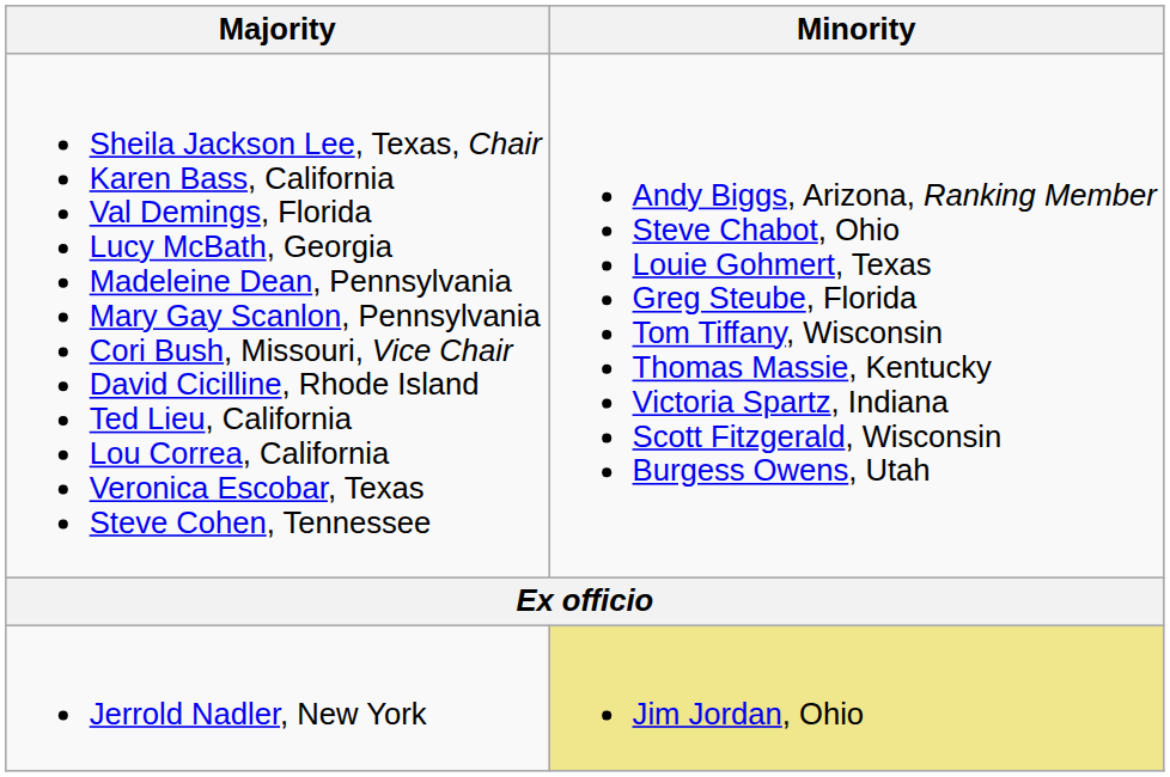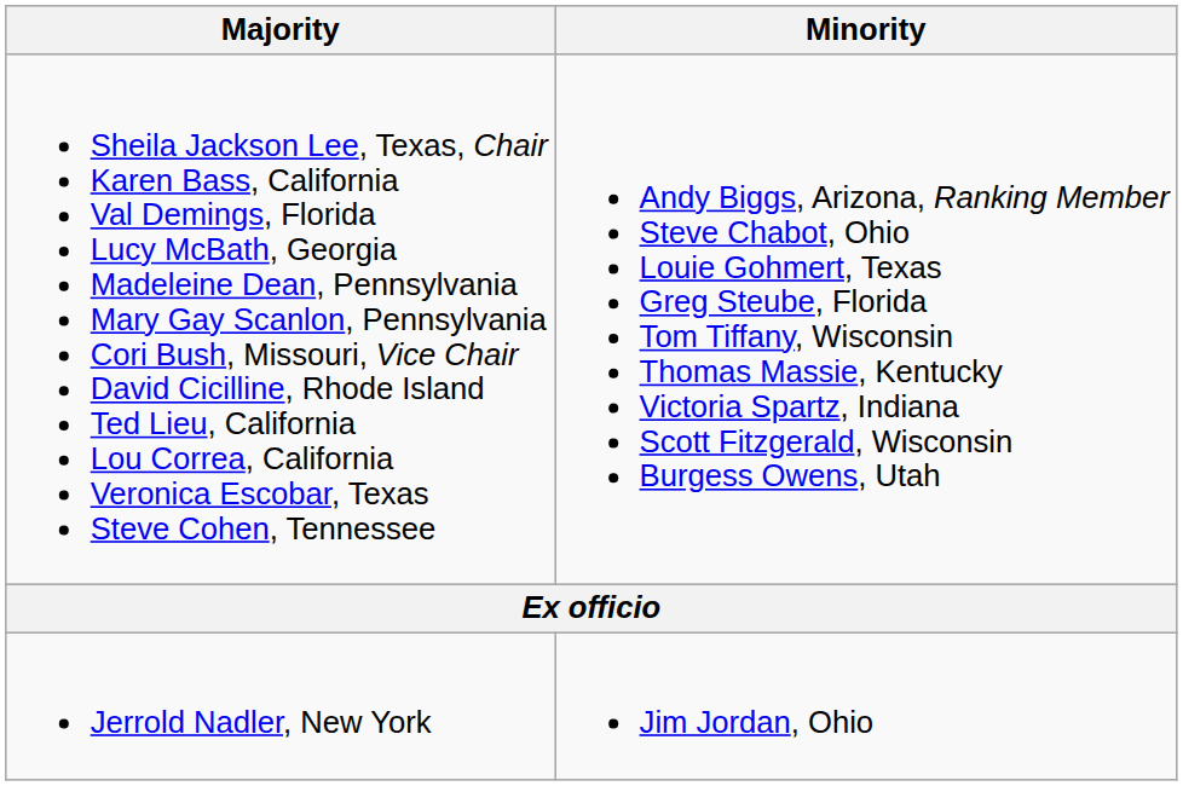 <table class=wikitable>
 <tr>
 <th>Majority</th>
 <th>Minority</th>
 </tr>
 <tr>
 <td><br><ul><li><a href='#'>Sheila Jackson Lee</a>, Texas, <em>Chair</em></li><li><a href='#'>Karen Bass</a>, California</li><li><a href='#'>Val Demings</a>, Florida</li><li><a href='#'>Lucy McBath</a>, Georgia</li><li><a href='#'>Madeleine Dean</a>, Pennsylvania</li><li><a href='#'>Mary Gay Scanlon</a>, Pennsylvania</li><li><a href='#'>Cori Bush</a>, Missouri, <em>Vice Chair</em></li><li><a href='#'>David Cicilline</a>, Rhode Island</li><li><a href='#'>Ted Lieu</a>, California</li><li><a href='#'>Lou Correa</a>, California</li><li><a href='#'>Veronica Escobar</a>, Texas</li><li><a href='#'>Steve Cohen</a>, Tennessee</li></ul></td>
 <td><br><ul><li><a href='#'>Andy Biggs</a>, Arizona, <em>Ranking Member</em></li><li><a href='#'>Steve Chabot</a>, Ohio</li><li><a href='#'>Louie Gohmert</a>, Texas</li><li><a href='#'>Greg Steube</a>, Florida</li><li><a href='#'>Tom Tiffany</a>, Wisconsin</li><li><a href='#'>Thomas Massie</a>, Kentucky</li><li><a href='#'>Victoria Spartz</a>, Indiana</li><li><a href='#'>Scott Fitzgerald</a>, Wisconsin</li><li><a href='#'>Burgess Owens</a>, Utah</li></ul></td>
 </tr>
 <tr>
 <th colspan=2><em>Ex officio</em></th>
 </tr>
 <tr>
 <td><br><ul><li><a href='#'>Jerrold Nadler</a>, New York</li></ul></td>
-<td style="background: khaki;"><br><ul><li><a href='#'>Jim Jordan</a>, Ohio</li></ul></td>
+<td><br><ul><li><a href='#'>Jim Jordan</a>, Ohio</li></ul></td>
 </tr>
 </table>
